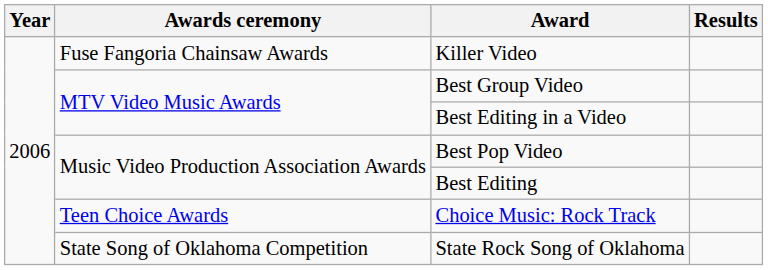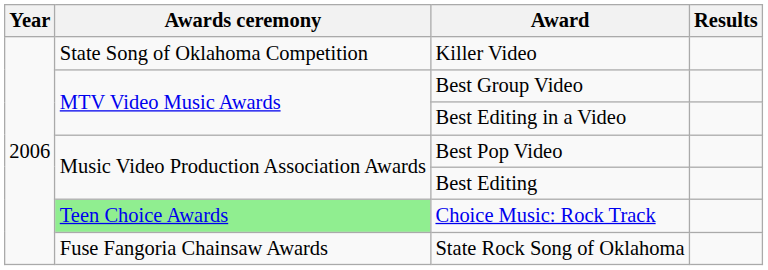 <table class="wikitable">
 <tr>
 <th>Year</th>
 <th>Awards ceremony</th>
 <th>Award</th>
 <th>Results</th>
 </tr>
 <tr>
 <td rowspan="7" style="text-align:center;">2006</td>
-<td>Fuse Fangoria Chainsaw Awards</td>
+<td>State Song of Oklahoma Competition</td>
 <td>Killer Video</td>
 <td></td>
 </tr>
 <tr>
 <td rowspan="2" style="text-align:left;"><a href='#'>MTV Video Music Awards</a></td>
 <td>Best Group Video</td>
 <td></td>
 </tr>
 <tr>
 <td>Best Editing in a Video</td>
 <td></td>
 </tr>
 <tr>
 <td rowspan="2" style="text-align:left;">Music Video Production Association Awards</td>
 <td>Best Pop Video</td>
 <td></td>
 </tr>
 <tr>
 <td>Best Editing</td>
 <td></td>
 </tr>
 <tr>
-<td><a href='#'>Teen Choice Awards</a></td>
+<td style="background: lightgreen;"><a href='#'>Teen Choice Awards</a></td>
 <td><a href='#'>Choice Music: Rock Track</a></td>
 <td></td>
 </tr>
 <tr>
-<td>State Song of Oklahoma Competition</td>
+<td>Fuse Fangoria Chainsaw Awards</td>
 <td>State Rock Song of Oklahoma</td>
 <td></td>
 </tr>
 </table>
